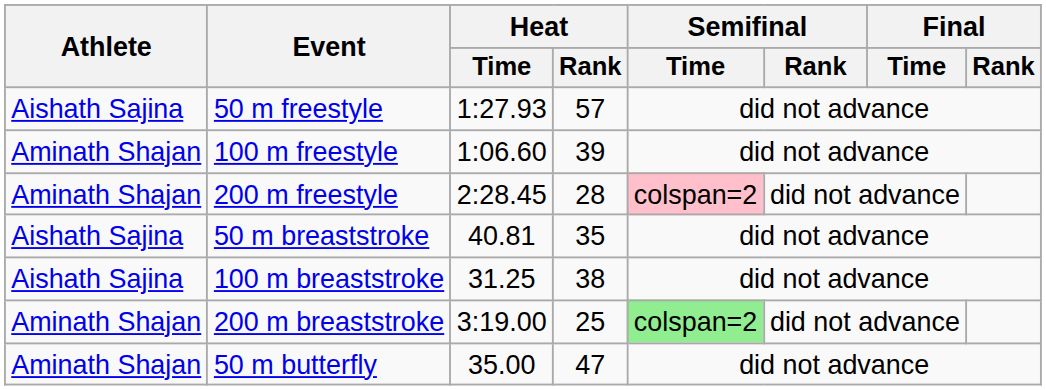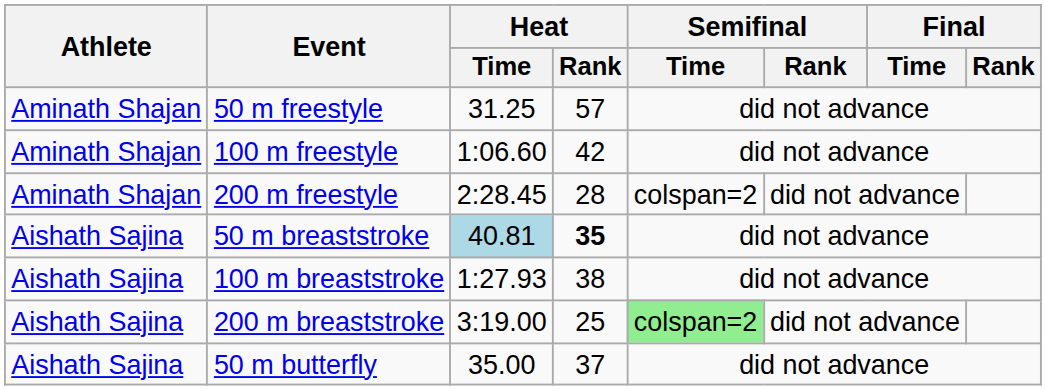 <table class=wikitable style="font-size:90%">
 <tr>
 <th rowspan=2>Athlete</th>
 <th rowspan=2>Event</th>
 <th colspan="2">Heat</th>
 <th colspan="2">Semifinal</th>
 <th colspan="2">Final</th>
 </tr>
 <tr style="font-size:95%">
 <th>Time</th>
 <th>Rank</th>
 <th>Time</th>
 <th>Rank</th>
 <th>Time</th>
 <th>Rank</th>
 </tr>
 <tr align=center>
-<td align=left><a href='#'>Aishath Sajina</a></td>
+<td align=left><a href='#'>Aminath Shajan</a></td>
 <td align=left><a href='#'>50 m freestyle</a></td>
-<td>1:27.93</td>
+<td>31.25</td>
 <td>57</td>
 <td colspan=4>did not advance</td>
 </tr>
 <tr align=center>
 <td align=left><a href='#'>Aminath Shajan</a></td>
 <td align=left><a href='#'>100 m freestyle</a></td>
 <td>1:06.60</td>
-<td>39</td>
+<td>42</td>
 <td colspan=4>did not advance</td>
 </tr>
 <tr align=center>
 <td align=left><a href='#'>Aminath Shajan</a></td>
 <td align=left><a href='#'>200 m freestyle</a></td>
 <td>2:28.45</td>
 <td>28</td>
-<td style="background: pink;">colspan=2 </td>
+<td>colspan=2 </td>
 <td colspan=2>did not advance</td>
 </tr>
 <tr align=center>
 <td align=left><a href='#'>Aishath Sajina</a></td>
 <td align=left><a href='#'>50 m breaststroke</a></td>
-<td>40.81</td>
-<td>35</td>
+<td style="background: lightblue;">40.81</td>
+<td><strong>35</strong></td>
 <td colspan=4>did not advance</td>
 </tr>
 <tr align=center>
 <td align=left><a href='#'>Aishath Sajina</a></td>
 <td align=left><a href='#'>100 m breaststroke</a></td>
-<td>31.25</td>
+<td>1:27.93</td>
 <td>38</td>
 <td colspan=4>did not advance</td>
 </tr>
 <tr align=center>
-<td align=left><a href='#'>Aminath Shajan</a></td>
+<td align=left><a href='#'>Aishath Sajina</a></td>
 <td align=left><a href='#'>200 m breaststroke</a></td>
 <td>3:19.00</td>
 <td>25</td>
 <td style="background: lightgreen;">colspan=2 </td>
 <td colspan=2>did not advance</td>
 </tr>
 <tr align=center>
-<td align=left><a href='#'>Aminath Shajan</a></td>
+<td align=left><a href='#'>Aishath Sajina</a></td>
 <td align=left><a href='#'>50 m butterfly</a></td>
 <td>35.00</td>
-<td>47</td>
+<td>37</td>
 <td colspan=4>did not advance</td>
 </tr>
 </table>
